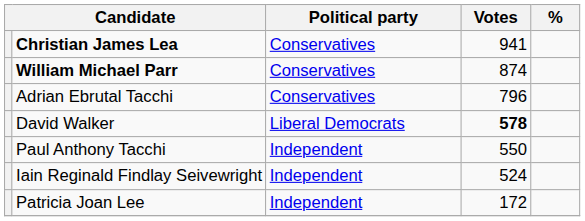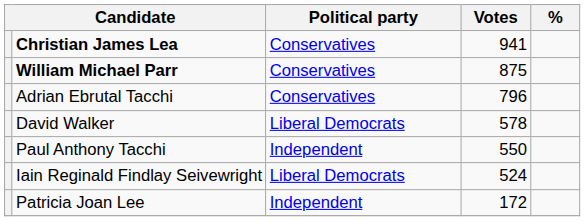 <table class="wikitable">
 <tr>
 <th valign=top colspan="2" style="width: 180px">Candidate</th>
 <th valign=top style="width: 180px">Political party</th>
 <th valign=top style="width: 60px">Votes</th>
 <th valign=top style="width: 40px">%</th>
 </tr>
 <tr>
 <th style="background-color: "></th>
 <td><strong>Christian James Lea</strong></td>
 <td><a href='#'>Conservatives</a></td>
 <td align="right">941</td>
 <td align="right"></td>
 </tr>
 <tr>
 <th style="background-color: "></th>
 <td><strong>William Michael Parr</strong></td>
 <td><a href='#'>Conservatives</a></td>
-<td align="right">874</td>
+<td align="right">875</td>
 <td align="right"></td>
 </tr>
 <tr>
 <th style="background-color: "></th>
 <td>Adrian Ebrutal Tacchi</td>
 <td><a href='#'>Conservatives</a></td>
 <td align="right">796</td>
 <td align="right"></td>
 </tr>
 <tr>
 <th style="background-color: "></th>
 <td>David Walker</td>
 <td><a href='#'>Liberal Democrats</a></td>
-<td align="right"><strong>578</strong></td>
+<td align="right">578</td>
 <td align="right"></td>
 </tr>
 <tr>
 <th style="background-color: "></th>
 <td>Paul Anthony Tacchi</td>
 <td><a href='#'>Independent</a></td>
 <td align="right">550</td>
 <td align="right"></td>
 </tr>
 <tr>
 <th style="background-color: "></th>
 <td>Iain Reginald Findlay Seivewright</td>
-<td><a href='#'>Independent</a></td>
+<td><a href='#'>Liberal Democrats</a></td>
 <td align="right">524</td>
 <td align="right"></td>
 </tr>
 <tr>
 <th style="background-color: "></th>
 <td>Patricia Joan Lee</td>
 <td><a href='#'>Independent</a></td>
 <td align="right">172</td>
 <td align="right"></td>
 </tr>
 <tr>
 </tr>
 </table>
